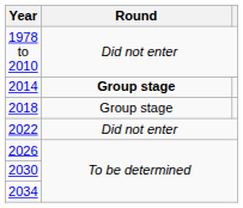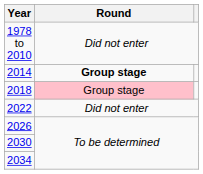 <table class="wikitable" style="text-align: center; font-size:90%">
 <tr>
 <th>Year</th>
 <th style="width:200px">Round</th>
 <th></th>
 </tr>
 <tr>
 <td><a href='#'>1978</a><br>to<br><a href='#'>2010</a></td>
 <td colspan="2"><em>Did not enter</em></td>
 </tr>
 <tr>
 <td><a href='#'>2014</a></td>
 <td><strong>Group stage</strong></td>
 <td></td>
 </tr>
 <tr>
 <td><a href='#'>2018</a></td>
-<td>Group stage</td>
+<td style="background: pink;">Group stage</td>
 <td></td>
 </tr>
 <tr>
 <td><a href='#'>2022</a></td>
 <td colspan="2"><em>Did not enter</em></td>
 </tr>
 <tr>
 <td><a href='#'>2026</a></td>
 <td colspan="2" rowspan="3"><em>To be determined</em></td>
 </tr>
 <tr>
 <td><a href='#'>2030</a></td>
 </tr>
 <tr>
 <td><a href='#'>2034</a></td>
 </tr>
 </table>
